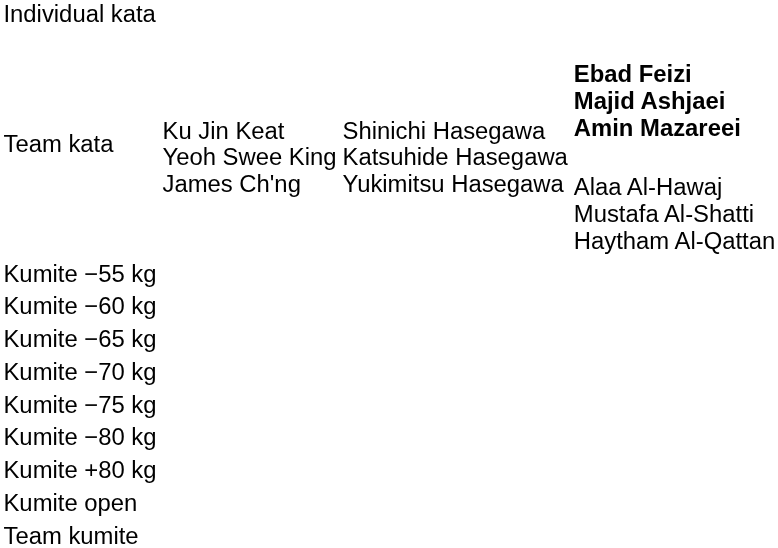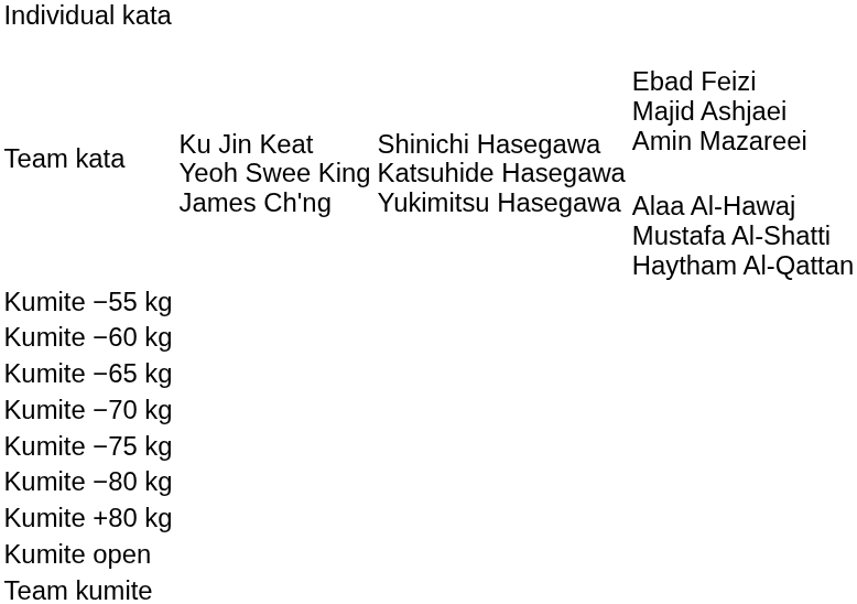 <table>
 <tr>
 <td rowspan=2>Individual kata</td>
 <td rowspan=2></td>
 <td rowspan=2></td>
 <td></td>
 </tr>
 <tr>
 <td></td>
 </tr>
 <tr>
 <td rowspan=2>Team kata</td>
 <td rowspan=2><br>Ku Jin Keat<br>Yeoh Swee King<br>James Ch'ng</td>
 <td rowspan=2><br>Shinichi Hasegawa<br>Katsuhide Hasegawa<br>Yukimitsu Hasegawa</td>
-<td><strong><br>Ebad Feizi<br>Majid Ashjaei<br>Amin Mazareei</strong></td>
+<td><br>Ebad Feizi<br>Majid Ashjaei<br>Amin Mazareei</td>
 </tr>
 <tr>
 <td><br>Alaa Al-Hawaj<br>Mustafa Al-Shatti<br>Haytham Al-Qattan</td>
 </tr>
 <tr>
 <td rowspan=2>Kumite −55 kg</td>
 <td rowspan=2></td>
 <td rowspan=2></td>
 <td></td>
 </tr>
 <tr>
 <td></td>
 </tr>
 <tr>
 <td rowspan=2>Kumite −60 kg</td>
 <td rowspan=2></td>
 <td rowspan=2></td>
 <td></td>
 </tr>
 <tr>
 <td></td>
 </tr>
 <tr>
 <td rowspan=2>Kumite −65 kg</td>
 <td rowspan=2></td>
 <td rowspan=2></td>
 <td></td>
 </tr>
 <tr>
 <td></td>
 </tr>
 <tr>
 <td rowspan=2>Kumite −70 kg</td>
 <td rowspan=2></td>
 <td rowspan=2></td>
 <td></td>
 </tr>
 <tr>
 <td></td>
 </tr>
 <tr>
 <td rowspan=2>Kumite −75 kg</td>
 <td rowspan=2></td>
 <td rowspan=2></td>
 <td></td>
 </tr>
 <tr>
 <td></td>
 </tr>
 <tr>
 <td rowspan=2>Kumite −80 kg</td>
 <td rowspan=2></td>
 <td rowspan=2></td>
 <td></td>
 </tr>
 <tr>
 <td></td>
 </tr>
 <tr>
 <td rowspan=2>Kumite +80 kg</td>
 <td rowspan=2></td>
 <td rowspan=2></td>
 <td></td>
 </tr>
 <tr>
 <td></td>
 </tr>
 <tr>
 <td rowspan=2>Kumite open</td>
 <td rowspan=2></td>
 <td rowspan=2></td>
 <td></td>
 </tr>
 <tr>
 <td></td>
 </tr>
 <tr>
 <td rowspan=2>Team kumite</td>
 <td rowspan=2></td>
 <td rowspan=2></td>
 <td></td>
 </tr>
 <tr>
 <td></td>
 </tr>
 </table>
